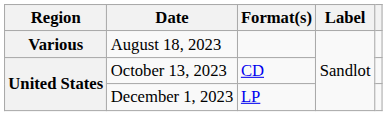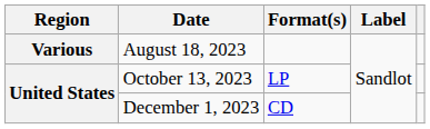 <table class="wikitable plainrowheaders">
 <tr>
 <th scope="col">Region</th>
 <th scope="col">Date</th>
 <th scope="col">Format(s)</th>
 <th scope="col">Label</th>
 <th scope="col"></th>
 </tr>
 <tr>
 <th scope="row">Various</th>
 <td>August 18, 2023</td>
 <td></td>
 <td rowspan="3">Sandlot</td>
 <td style="text-align:center;"></td>
 </tr>
 <tr>
 <th rowspan="2" scope="row">United States</th>
 <td>October 13, 2023</td>
-<td><a href='#'>CD</a></td>
+<td><a href='#'>LP</a></td>
 <td style="text-align:center;"></td>
 </tr>
 <tr>
 <td>December 1, 2023</td>
-<td><a href='#'>LP</a></td>
+<td><a href='#'>CD</a></td>
 <td style="text-align:center;"></td>
 </tr>
 </table>
